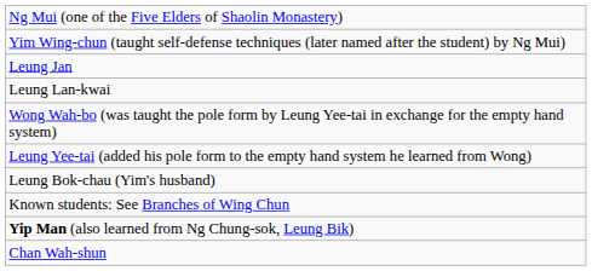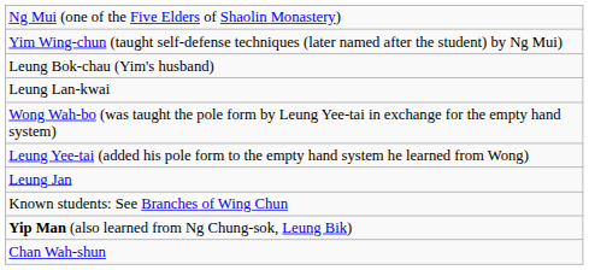 <table border class="wikitable">
 <tr>
 <td><a href='#'>Ng Mui</a> (one of the <a href='#'>Five Elders</a> of <a href='#'>Shaolin Monastery</a>)</td>
 </tr>
 <tr>
 <td><a href='#'>Yim Wing-chun</a> (taught self-defense techniques (later named after the student) by Ng Mui)</td>
 </tr>
 <tr>
-<td><a href='#'>Leung Jan</a></td>
+<td>Leung Bok-chau (Yim's husband)</td>
 </tr>
 <tr>
 <td>Leung Lan-kwai</td>
 </tr>
 <tr>
 <td><a href='#'>Wong Wah-bo</a> (was taught the pole form by Leung Yee-tai in exchange for the empty hand system)</td>
 </tr>
 <tr>
 <td><a href='#'>Leung Yee-tai</a> (added his pole form to the empty hand system he learned from Wong)</td>
 </tr>
 <tr>
-<td>Leung Bok-chau (Yim's husband)</td>
+<td><a href='#'>Leung Jan</a></td>
 </tr>
 <tr>
 <td>Known students: See <a href='#'>Branches of Wing Chun</a></td>
 </tr>
 <tr>
 <td><strong>Yip Man</strong> (also learned from Ng Chung-sok, <a href='#'>Leung Bik</a>)</td>
 </tr>
 <tr>
 <td><a href='#'>Chan Wah-shun</a></td>
 </tr>
 </table>
